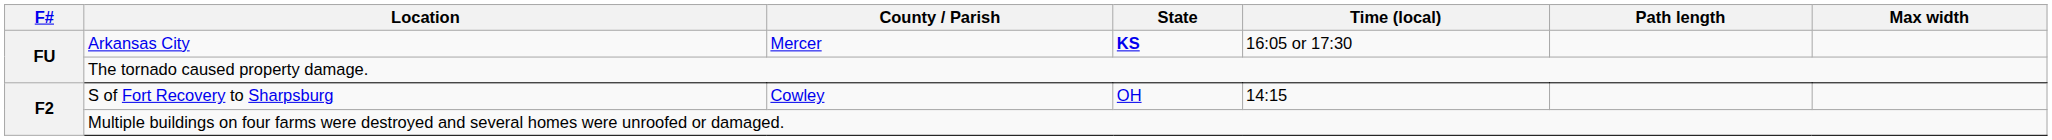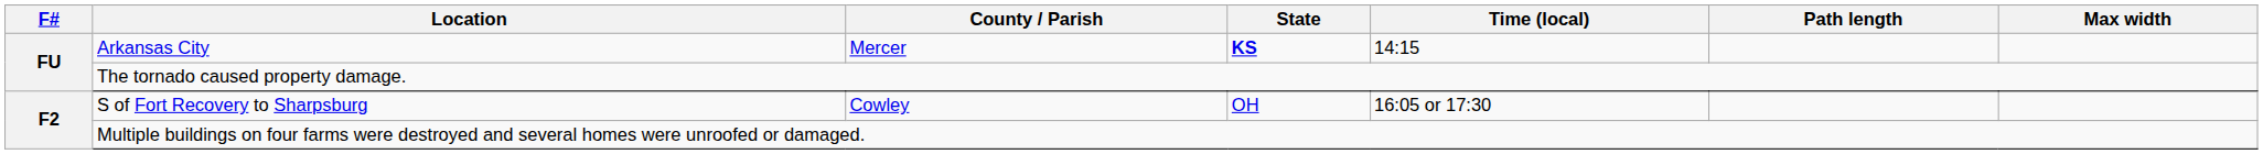 <table class="wikitable sortable" style="width:100%;">
 <tr>
 <th scope="col" align="center"><a href='#'>F#</a><br></th>
 <th scope="col" align="center" class="unsortable">Location</th>
 <th scope="col" align="center" class="unsortable">County / Parish</th>
 <th scope="col" align="center">State</th>
 <th scope="col" align="center">Time (local)</th>
 <th scope="col" align="center">Path length</th>
 <th scope="col" align="center">Max width</th>
 </tr>
 <tr>
 <th scope="row" rowspan="2" style="background-color:#">FU</th>
 <td><a href='#'>Arkansas City</a></td>
 <td><a href='#'>Mercer</a></td>
 <td><strong><a href='#'>KS</a></strong></td>
-<td>16:05 or 17:30</td>
+<td>14:15</td>
 <td></td>
 <td></td>
 </tr>
 <tr class="expand-child">
 <td colspan="6" style="border-bottom: 1px solid black;">The tornado caused property damage.</td>
 </tr>
 <tr>
 <th scope="row" rowspan="2" style="background-color:#">F2</th>
 <td>S of <a href='#'>Fort Recovery</a> to <a href='#'>Sharpsburg</a></td>
 <td><a href='#'>Cowley</a></td>
 <td><a href='#'>OH</a></td>
-<td>14:15</td>
+<td>16:05 or 17:30</td>
 <td></td>
 <td></td>
 </tr>
 <tr class="expand-child">
 <td colspan="6" style="border-bottom: 1px solid black;">Multiple buildings on four farms were destroyed and several homes were unroofed or damaged.</td>
 </tr>
 </table>
